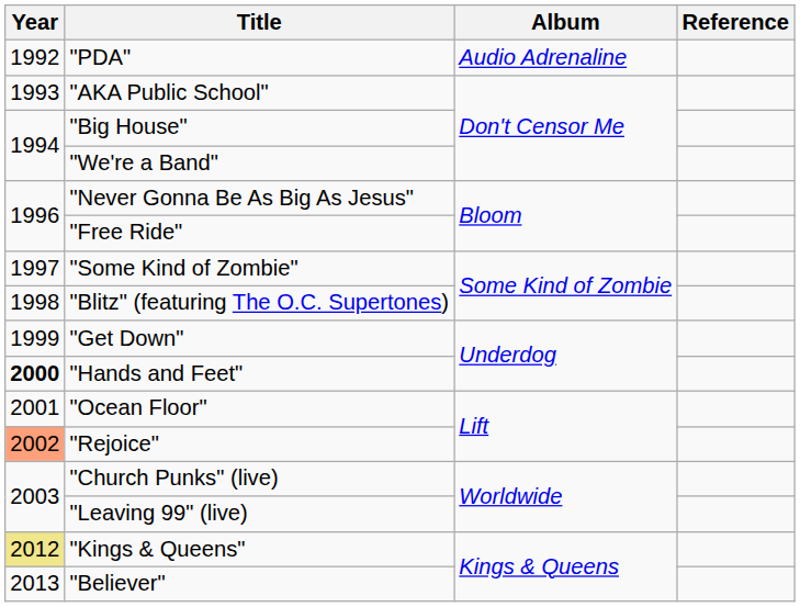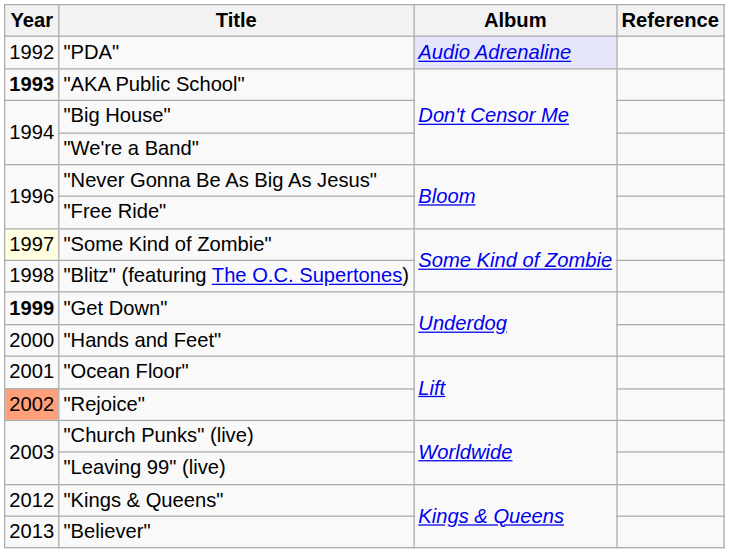 <table class="wikitable">
 <tr>
 <th align="center">Year</th>
 <th align="center">Title</th>
 <th align="center">Album</th>
 <th align="center">Reference</th>
 </tr>
 <tr>
 <td>1992</td>
 <td>"PDA"</td>
-<td><em><a href='#'>Audio Adrenaline</a></em></td>
+<td style="background: lavender;"><em><a href='#'>Audio Adrenaline</a></em></td>
 <td></td>
 </tr>
 <tr>
-<td>1993</td>
+<td><strong>1993</strong></td>
 <td>"AKA Public School"</td>
 <td rowspan=3><em><a href='#'>Don't Censor Me</a></em></td>
 <td></td>
 </tr>
 <tr>
 <td rowspan=2>1994</td>
 <td>"Big House"</td>
 <td></td>
 </tr>
 <tr>
 <td>"We're a Band"</td>
 <td></td>
 </tr>
 <tr>
 <td rowspan=2>1996</td>
 <td>"Never Gonna Be As Big As Jesus"</td>
 <td rowspan=2><em><a href='#'>Bloom</a></em></td>
 <td></td>
 </tr>
 <tr>
 <td>"Free Ride"</td>
 <td></td>
 </tr>
 <tr>
-<td>1997</td>
+<td style="background: lightyellow;">1997</td>
 <td>"Some Kind of Zombie"</td>
 <td rowspan=2><em><a href='#'>Some Kind of Zombie</a></em></td>
 <td></td>
 </tr>
 <tr>
 <td>1998</td>
 <td>"Blitz" (featuring <a href='#'>The O.C. Supertones</a>)</td>
 <td></td>
 </tr>
 <tr>
-<td>1999</td>
+<td><strong>1999</strong></td>
 <td>"Get Down"</td>
 <td rowspan=2><em><a href='#'>Underdog</a></em></td>
 <td></td>
 </tr>
 <tr>
-<td><strong>2000</strong></td>
+<td>2000</td>
 <td>"Hands and Feet"</td>
 <td></td>
 </tr>
 <tr>
 <td>2001</td>
 <td>"Ocean Floor"</td>
 <td rowspan=2><em><a href='#'>Lift</a></em></td>
 <td></td>
 </tr>
 <tr>
 <td style="background: lightsalmon;">2002</td>
 <td>"Rejoice"</td>
 <td></td>
 </tr>
 <tr>
 <td rowspan=2>2003</td>
 <td>"Church Punks" (live)</td>
 <td rowspan=2><em><a href='#'>Worldwide</a></em></td>
 <td></td>
 </tr>
 <tr>
 <td>"Leaving 99" (live)</td>
 <td></td>
 </tr>
 <tr>
-<td style="background: khaki;">2012</td>
+<td>2012</td>
 <td>"Kings & Queens"</td>
 <td rowspan=2><em><a href='#'>Kings & Queens</a></em></td>
 <td></td>
 </tr>
 <tr>
 <td>2013</td>
 <td>"Believer"</td>
 <td></td>
 </tr>
 </table>
